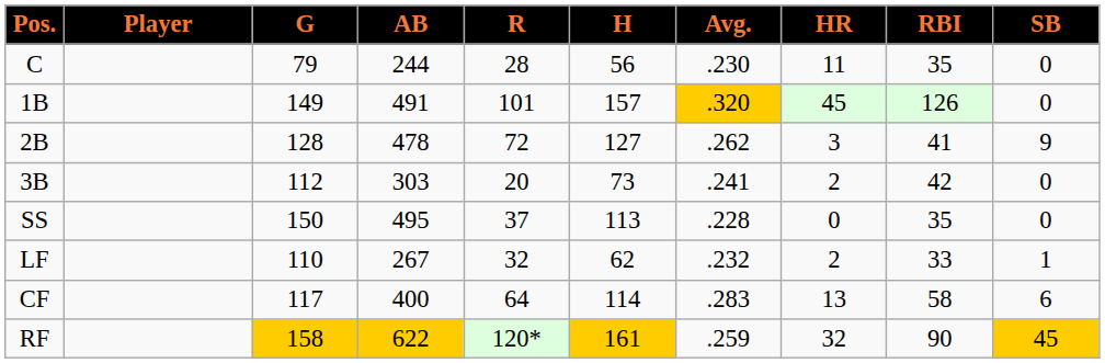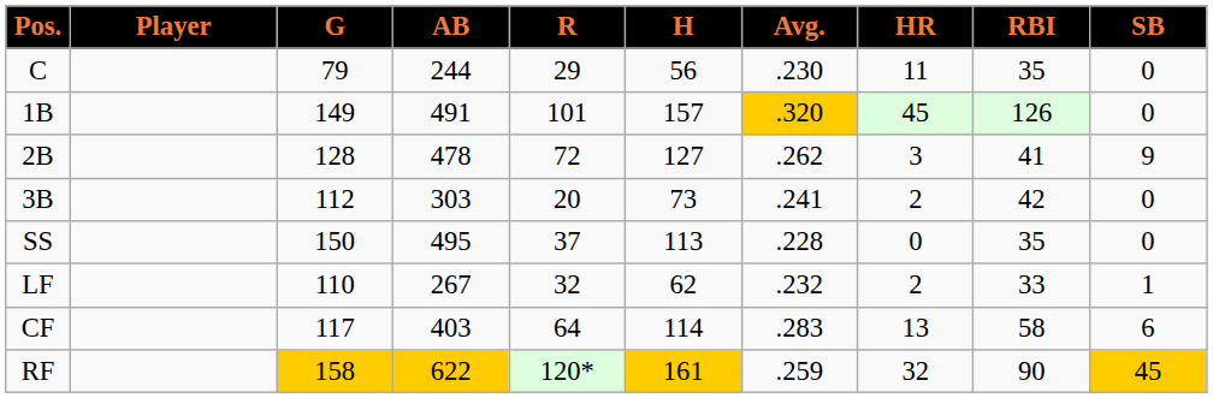 <table class="wikitable sortable">
 <tr>
 <th style="background:black;color:#f47937;" width="5%">Pos.</th>
 <th style="background:black;color:#f47937;" width="16%">Player</th>
 <th style="background:black;color:#f47937;" width="9%">G</th>
 <th style="background:black;color:#f47937;" width="9%">AB</th>
 <th style="background:black;color:#f47937;" width="9%">R</th>
 <th style="background:black;color:#f47937;" width="9%">H</th>
 <th style="background:black;color:#f47937;" width="9%">Avg.</th>
 <th style="background:black;color:#f47937;" width="9%">HR</th>
 <th style="background:black;color:#f47937;" width="9%">RBI</th>
 <th style="background:black;color:#f47937;" width="9%">SB</th>
 </tr>
 <tr align="center">
 <td>C</td>
 <td></td>
 <td>79</td>
 <td>244</td>
-<td>28</td>
+<td>29</td>
 <td>56</td>
 <td>.230</td>
 <td>11</td>
 <td>35</td>
 <td>0</td>
 </tr>
 <tr align="center">
 <td>1B</td>
 <td></td>
 <td>149</td>
 <td>491</td>
 <td>101</td>
 <td>157</td>
 <td bgcolor="#FFCC00">.320</td>
 <td bgcolor="#DDFFDD">45</td>
 <td style="background:#DDFFDD;">126</td>
 <td>0</td>
 </tr>
 <tr align="center">
 <td>2B</td>
 <td></td>
 <td>128</td>
 <td>478</td>
 <td>72</td>
 <td>127</td>
 <td>.262</td>
 <td>3</td>
 <td>41</td>
 <td>9</td>
 </tr>
 <tr align="center">
 <td>3B</td>
 <td></td>
 <td>112</td>
 <td>303</td>
 <td>20</td>
 <td>73</td>
 <td>.241</td>
 <td>2</td>
 <td>42</td>
 <td>0</td>
 </tr>
 <tr align="center">
 <td>SS</td>
 <td></td>
 <td>150</td>
 <td>495</td>
 <td>37</td>
 <td>113</td>
 <td>.228</td>
 <td>0</td>
 <td>35</td>
 <td>0</td>
 </tr>
 <tr align="center">
 <td>LF</td>
 <td></td>
 <td>110</td>
 <td>267</td>
 <td>32</td>
 <td>62</td>
 <td>.232</td>
 <td>2</td>
 <td>33</td>
 <td>1</td>
 </tr>
 <tr align="center">
 <td>CF</td>
 <td></td>
 <td>117</td>
-<td>400</td>
+<td>403</td>
 <td>64</td>
 <td>114</td>
 <td>.283</td>
 <td>13</td>
 <td>58</td>
 <td>6</td>
 </tr>
 <tr align="center">
 <td>RF</td>
 <td></td>
 <td bgcolor="#FFCC00">158</td>
 <td bgcolor="#FFCC00">622</td>
 <td bgcolor="#DDFFDD">120*</td>
 <td bgcolor="#FFCC00">161</td>
 <td>.259</td>
 <td>32</td>
 <td>90</td>
 <td bgcolor="#FFCC00">45</td>
 </tr>
 </table>
